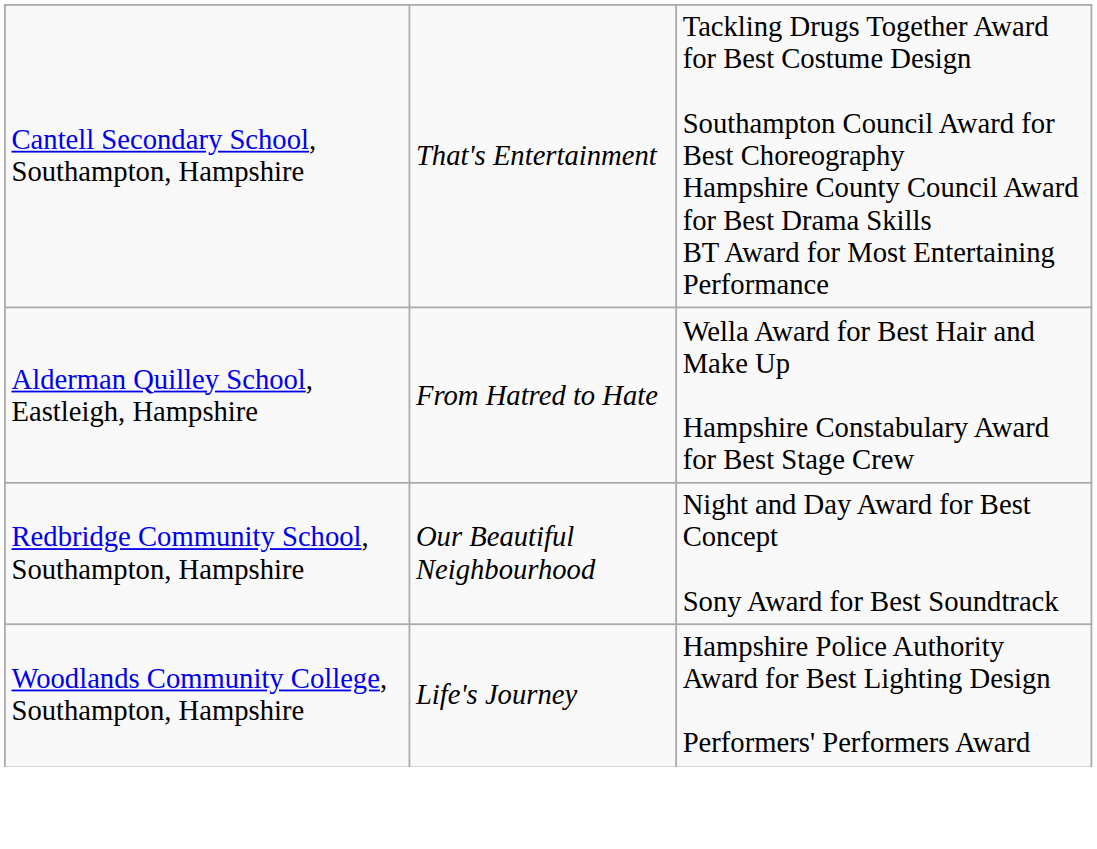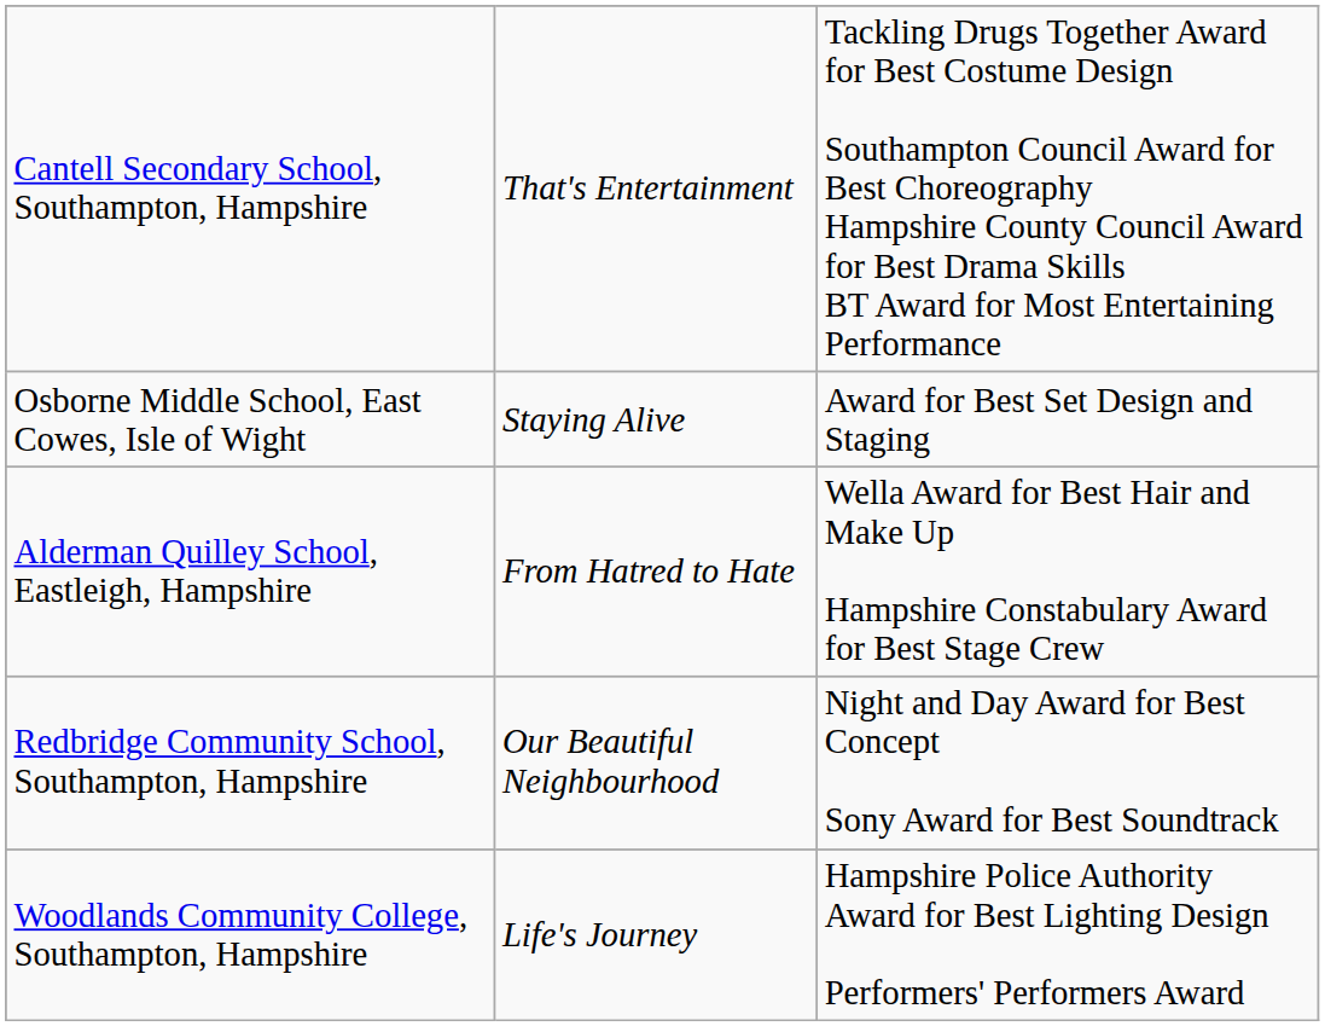 <table class="wikitable">
 <tr>
 <td><a href='#'>Cantell Secondary School</a>, Southampton, Hampshire</td>
 <td><em>That's Entertainment</em></td>
 <td>Tackling Drugs Together Award for Best Costume Design<br><br>Southampton Council Award for Best Choreography<br> Hampshire County Council Award for Best Drama Skills<br> BT Award for Most Entertaining Performance</td>
+</tr>
+<tr>
+<td>Osborne Middle School, East Cowes, Isle of Wight</td>
+<td><em>Staying Alive</em></td>
+<td>Award for Best Set Design and Staging</td>
 </tr>
 <tr>
 <td><a href='#'>Alderman Quilley School</a>, Eastleigh, Hampshire</td>
 <td><em>From Hatred to Hate</em></td>
 <td>Wella Award for Best Hair and Make Up<br><br>Hampshire Constabulary Award for Best Stage Crew</td>
 </tr>
 <tr>
 <td><a href='#'>Redbridge Community School</a>, Southampton, Hampshire</td>
 <td><em>Our Beautiful Neighbourhood</em></td>
 <td>Night and Day Award for Best Concept<br><br>Sony Award for Best Soundtrack</td>
 </tr>
 <tr>
 <td><a href='#'>Woodlands Community College</a>, Southampton, Hampshire</td>
 <td><em>Life's Journey</em></td>
 <td>Hampshire Police Authority Award for Best Lighting Design<br><br>Performers' Performers Award</td>
 </tr>
 </table>
